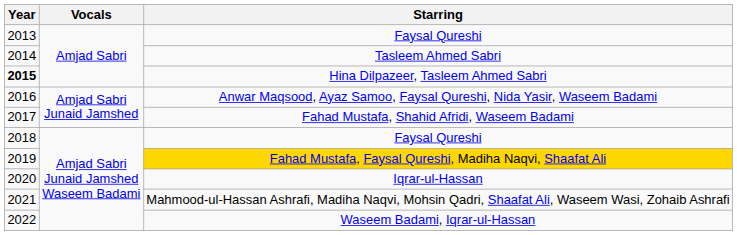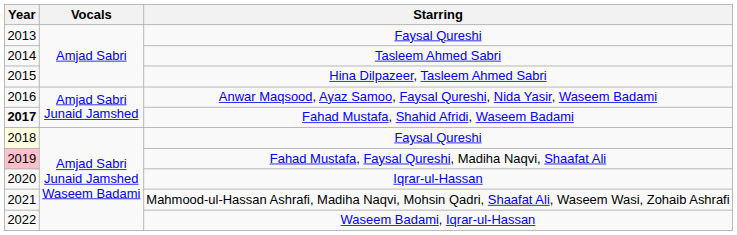 <table class="wikitable" style="text-align:center">
 <tr>
 <th>Year</th>
 <th style="padding: 0 8px">Vocals</th>
 <th>Starring</th>
 </tr>
 <tr>
 <td style="text-align:center;">2013</td>
 <td rowspan="3" style="text-align:center;"><a href='#'>Amjad Sabri</a></td>
 <td style="text-align:center;"><a href='#'>Faysal Qureshi</a></td>
 </tr>
 <tr>
 <td style="text-align:center;">2014</td>
 <td style="text-align:center;"><a href='#'>Tasleem Ahmed Sabri</a></td>
 </tr>
 <tr>
-<td style="text-align:center;"><strong>2015</strong></td>
+<td style="text-align:center;">2015</td>
 <td style="text-align:center;"><a href='#'>Hina Dilpazeer</a>, <a href='#'>Tasleem Ahmed Sabri</a></td>
 </tr>
 <tr>
 <td>2016</td>
 <td rowspan="2"><a href='#'>Amjad Sabri</a><br><a href='#'>Junaid Jamshed</a></td>
 <td><a href='#'>Anwar Maqsood</a>, <a href='#'>Ayaz Samoo</a>, <a href='#'>Faysal Qureshi</a>, <a href='#'>Nida Yasir</a>, <a href='#'>Waseem Badami</a></td>
 </tr>
 <tr>
-<td>2017</td>
+<td><strong>2017</strong></td>
 <td><a href='#'>Fahad Mustafa</a>, <a href='#'>Shahid Afridi</a>, <a href='#'>Waseem Badami</a></td>
 </tr>
 <tr>
-<td>2018</td>
+<td style="background: lightyellow;">2018</td>
 <td rowspan="5"><a href='#'>Amjad Sabri</a><br><a href='#'>Junaid Jamshed</a><br><a href='#'>Waseem Badami</a></td>
 <td><a href='#'>Faysal Qureshi</a></td>
 </tr>
 <tr>
-<td>2019</td>
-<td style="background: gold;"><a href='#'>Fahad Mustafa</a>, <a href='#'>Faysal Qureshi</a>, Madiha Naqvi, <a href='#'>Shaafat Ali</a></td>
+<td style="background: pink;">2019</td>
+<td><a href='#'>Fahad Mustafa</a>, <a href='#'>Faysal Qureshi</a>, Madiha Naqvi, <a href='#'>Shaafat Ali</a></td>
 </tr>
 <tr>
 <td>2020</td>
 <td><a href='#'>Iqrar-ul-Hassan</a></td>
 </tr>
 <tr>
 <td>2021</td>
 <td>Mahmood-ul-Hassan Ashrafi, Madiha Naqvi, Mohsin Qadri, <a href='#'>Shaafat Ali</a>, Waseem Wasi, Zohaib Ashrafi</td>
 </tr>
 <tr>
 <td>2022</td>
 <td><a href='#'>Waseem Badami</a>, <a href='#'>Iqrar-ul-Hassan</a></td>
 </tr>
 </table>
